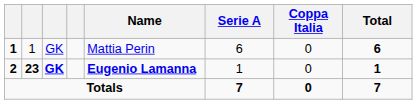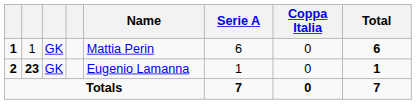 <table class="wikitable" style="text-align:center">
 <tr>
 <th width=15></th>
 <th width=15></th>
 <th width=15></th>
 <th width=15></th>
 <th width=145>Name</th>
 <th width=80><a href='#'>Serie A</a></th>
 <th width=80><a href='#'>Coppa Italia</a></th>
 <th width=80>Total</th>
 </tr>
 <tr>
 <td><strong>1</strong></td>
 <td>1</td>
 <td><a href='#'>GK</a></td>
 <td></td>
 <td align=left><a href='#'>Mattia Perin</a></td>
 <td>6</td>
 <td>0</td>
 <td><strong>6</strong></td>
 </tr>
 <tr>
 <td><strong>2</strong></td>
 <td><strong>23</strong></td>
-<td><strong><a href='#'>GK</a></strong></td>
+<td><a href='#'>GK</a></td>
 <td></td>
-<td align=left><strong><a href='#'>Eugenio Lamanna</a></strong></td>
+<td align=left><a href='#'>Eugenio Lamanna</a></td>
 <td>1</td>
 <td>0</td>
 <td><strong>1</strong></td>
 </tr>
 <tr>
 <td colspan=5><strong>Totals</strong></td>
 <td><strong>7</strong></td>
 <td><strong>0</strong></td>
 <td><strong>7</strong></td>
 </tr>
 </table>
